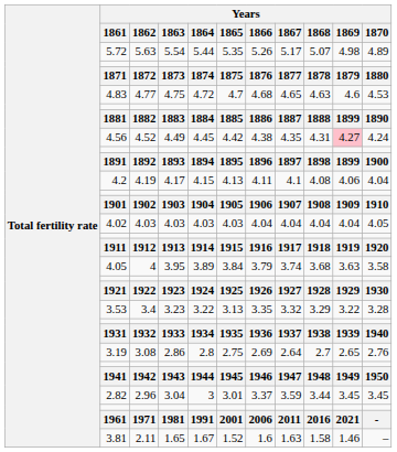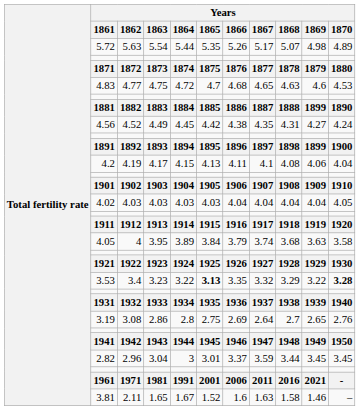 <table class="wikitable" style="text-align:right">
 <tr>
 <th rowspan="30">Total fertility rate</th>
 <th colspan="10">Years</th>
 </tr>
 <tr>
 <th>1861</th>
 <th>1862</th>
 <th>1863</th>
 <th>1864</th>
 <th>1865</th>
 <th>1866</th>
 <th>1867</th>
 <th>1868</th>
 <th>1869</th>
 <th>1870</th>
 </tr>
 <tr>
 <td>5.72</td>
 <td>5.63</td>
 <td>5.54</td>
 <td>5.44</td>
 <td>5.35</td>
 <td>5.26</td>
 <td>5.17</td>
 <td>5.07</td>
 <td>4.98</td>
 <td>4.89</td>
 </tr>
 <tr>
 <td></td>
 <td></td>
 <td></td>
 <td></td>
 <td></td>
 <td></td>
 <td></td>
 <td></td>
 <td></td>
 <td></td>
 </tr>
 <tr>
 <th>1871</th>
 <th>1872</th>
 <th>1873</th>
 <th>1874</th>
 <th>1875</th>
 <th>1876</th>
 <th>1877</th>
 <th>1878</th>
 <th>1879</th>
 <th>1880</th>
 </tr>
 <tr>
 <td>4.83</td>
 <td>4.77</td>
 <td>4.75</td>
 <td>4.72</td>
 <td>4.7</td>
 <td>4.68</td>
 <td>4.65</td>
 <td>4.63</td>
 <td>4.6</td>
 <td>4.53</td>
 </tr>
 <tr>
 <td></td>
 <td></td>
 <td></td>
 <td></td>
 <td></td>
 <td></td>
 <td></td>
 <td></td>
 <td></td>
 <td></td>
 </tr>
 <tr>
 <th>1881</th>
 <th>1882</th>
 <th>1883</th>
 <th>1884</th>
 <th>1885</th>
 <th>1886</th>
 <th>1887</th>
 <th>1888</th>
 <th>1899</th>
 <th>1890</th>
 </tr>
 <tr>
 <td>4.56</td>
 <td>4.52</td>
 <td>4.49</td>
 <td>4.45</td>
 <td>4.42</td>
 <td>4.38</td>
 <td>4.35</td>
 <td>4.31</td>
-<td style="background: pink;">4.27</td>
+<td>4.27</td>
 <td>4.24</td>
 </tr>
 <tr>
 <td></td>
 <td></td>
 <td></td>
 <td></td>
 <td></td>
 <td></td>
 <td></td>
 <td></td>
 <td></td>
 <td></td>
 </tr>
 <tr>
 <th>1891</th>
 <th>1892</th>
 <th>1893</th>
 <th>1894</th>
 <th>1895</th>
 <th>1896</th>
 <th>1897</th>
 <th>1898</th>
 <th>1899</th>
 <th>1900</th>
 </tr>
 <tr>
 <td>4.2</td>
 <td>4.19</td>
 <td>4.17</td>
 <td>4.15</td>
 <td>4.13</td>
 <td>4.11</td>
 <td>4.1</td>
 <td>4.08</td>
 <td>4.06</td>
 <td>4.04</td>
 </tr>
 <tr>
 <td></td>
 <td></td>
 <td></td>
 <td></td>
 <td></td>
 <td></td>
 <td></td>
 <td></td>
 <td></td>
 <td></td>
 </tr>
 <tr>
 <th>1901</th>
 <th>1902</th>
 <th>1903</th>
 <th>1904</th>
 <th>1905</th>
 <th>1906</th>
 <th>1907</th>
 <th>1908</th>
 <th>1909</th>
 <th>1910</th>
 </tr>
 <tr>
 <td>4.02</td>
 <td>4.03</td>
 <td>4.03</td>
 <td>4.03</td>
 <td>4.03</td>
 <td>4.04</td>
 <td>4.04</td>
 <td>4.04</td>
 <td>4.04</td>
 <td>4.05</td>
 </tr>
 <tr>
 <td></td>
 <td></td>
 <td></td>
 <td></td>
 <td></td>
 <td></td>
 <td></td>
 <td></td>
 <td></td>
 <td></td>
 </tr>
 <tr>
 <th>1911</th>
 <th>1912</th>
 <th>1913</th>
 <th>1914</th>
 <th>1915</th>
 <th>1916</th>
 <th>1917</th>
 <th>1918</th>
 <th>1919</th>
 <th>1920</th>
 </tr>
 <tr>
 <td>4.05</td>
 <td>4</td>
 <td>3.95</td>
 <td>3.89</td>
 <td>3.84</td>
 <td>3.79</td>
 <td>3.74</td>
 <td>3.68</td>
 <td>3.63</td>
 <td>3.58</td>
 </tr>
 <tr>
 <td></td>
 <td></td>
 <td></td>
 <td></td>
 <td></td>
 <td></td>
 <td></td>
 <td></td>
 <td></td>
 <td></td>
 </tr>
 <tr>
 <th>1921</th>
 <th>1922</th>
 <th>1923</th>
 <th>1924</th>
 <th>1925</th>
 <th>1926</th>
 <th>1927</th>
 <th>1928</th>
 <th>1929</th>
 <th>1930</th>
 </tr>
 <tr>
 <td>3.53</td>
 <td>3.4</td>
 <td>3.23</td>
 <td>3.22</td>
-<td>3.13</td>
+<td><strong>3.13</strong></td>
 <td>3.35</td>
 <td>3.32</td>
 <td>3.29</td>
 <td>3.22</td>
-<td>3.28</td>
+<td><strong>3.28</strong></td>
 </tr>
 <tr>
 <td></td>
 <td></td>
 <td></td>
 <td></td>
 <td></td>
 <td></td>
 <td></td>
 <td></td>
 <td></td>
 <td></td>
 </tr>
 <tr>
 <th>1931</th>
 <th>1932</th>
 <th>1933</th>
 <th>1934</th>
 <th>1935</th>
 <th>1936</th>
 <th>1937</th>
 <th>1938</th>
 <th>1939</th>
 <th>1940</th>
 </tr>
 <tr>
 <td>3.19</td>
 <td>3.08</td>
 <td>2.86</td>
 <td>2.8</td>
 <td>2.75</td>
 <td>2.69</td>
 <td>2.64</td>
 <td>2.7</td>
 <td>2.65</td>
 <td>2.76</td>
 </tr>
 <tr>
 <td></td>
 <td></td>
 <td></td>
 <td></td>
 <td></td>
 <td></td>
 <td></td>
 <td></td>
 <td></td>
 <td></td>
 </tr>
 <tr>
 <th>1941</th>
 <th>1942</th>
 <th>1943</th>
 <th>1944</th>
 <th>1945</th>
 <th>1946</th>
 <th>1947</th>
 <th>1948</th>
 <th>1949</th>
 <th>1950</th>
 </tr>
 <tr>
 <td>2.82</td>
 <td>2.96</td>
 <td>3.04</td>
 <td>3</td>
 <td>3.01</td>
 <td>3.37</td>
 <td>3.59</td>
 <td>3.44</td>
 <td>3.45</td>
 <td>3.45</td>
 </tr>
 <tr>
 <td></td>
 <td></td>
 <td></td>
 <td></td>
 <td></td>
 <td></td>
 <td></td>
 <td></td>
 <td></td>
 <td></td>
 </tr>
 <tr>
 <th>1961</th>
 <th>1971</th>
 <th>1981</th>
 <th>1991</th>
 <th>2001</th>
 <th>2006</th>
 <th>2011</th>
 <th>2016</th>
 <th>2021</th>
 <th>-</th>
 </tr>
 <tr>
 <td>3.81</td>
 <td>2.11</td>
 <td>1.65</td>
 <td>1.67</td>
 <td>1.52</td>
 <td>1.6</td>
 <td>1.63</td>
 <td>1.58</td>
 <td>1.46</td>
 <td>–</td>
 </tr>
 </table>
